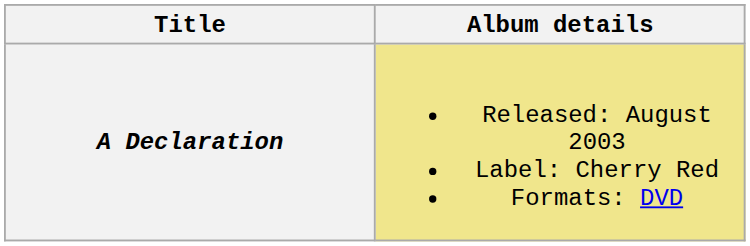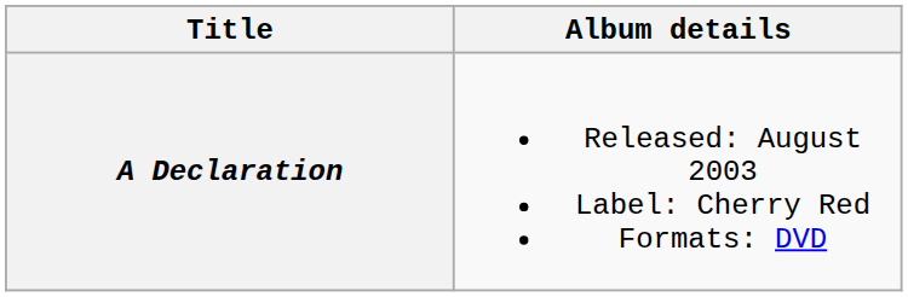 <table class="wikitable plainrowheaders" style="text-align:center;">
 <tr>
 <th scope="col" style="width:15em;">Title</th>
 <th scope="col" style="width:15em;">Album details</th>
 </tr>
 <tr>
 <th scope="row"><em>A Declaration</em></th>
-<td style="background: khaki;"><br><ul><li>Released: August 2003</li><li>Label: Cherry Red</li><li>Formats: <a href='#'>DVD</a></li></ul></td>
+<td><br><ul><li>Released: August 2003</li><li>Label: Cherry Red</li><li>Formats: <a href='#'>DVD</a></li></ul></td>
 </tr>
 </table>
